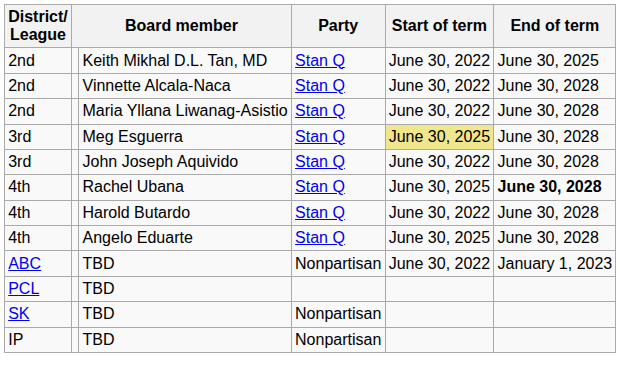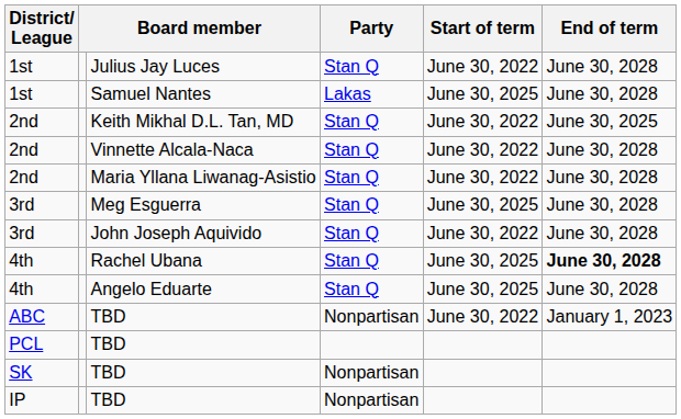 <table class="wikitable">
 <tr>
 <th>District/<br>League</th>
 <th colspan="2">Board member</th>
 <th>Party</th>
 <th>Start of term</th>
 <th>End of term</th>
+</tr>
+<tr>
+<td>1st</td>
+<td></td>
+<td>Julius Jay Luces</td>
+<td><a href='#'>Stan Q</a></td>
+<td>June 30, 2022</td>
+<td>June 30, 2028</td>
+</tr>
+<tr>
+<td>1st</td>
+<td></td>
+<td>Samuel Nantes</td>
+<td><a href='#'>Lakas</a></td>
+<td>June 30, 2025</td>
+<td>June 30, 2028</td>
 </tr>
 <tr>
 <td>2nd</td>
 <td></td>
 <td>Keith Mikhal D.L. Tan, MD</td>
 <td><a href='#'>Stan Q</a></td>
 <td>June 30, 2022</td>
 <td>June 30, 2025</td>
 </tr>
 <tr>
 <td>2nd</td>
 <td></td>
 <td>Vinnette Alcala-Naca</td>
 <td><a href='#'>Stan Q</a></td>
 <td>June 30, 2022</td>
 <td>June 30, 2028</td>
 </tr>
 <tr>
 <td>2nd</td>
 <td></td>
 <td>Maria Yllana Liwanag-Asistio</td>
 <td><a href='#'>Stan Q</a></td>
 <td>June 30, 2022</td>
 <td>June 30, 2028</td>
 </tr>
 <tr>
 <td>3rd</td>
 <td></td>
 <td>Meg Esguerra</td>
 <td><a href='#'>Stan Q</a></td>
-<td style="background: khaki;">June 30, 2025</td>
+<td>June 30, 2025</td>
 <td>June 30, 2028</td>
 </tr>
 <tr>
 <td>3rd</td>
 <td></td>
 <td>John Joseph Aquivido</td>
 <td><a href='#'>Stan Q</a></td>
 <td>June 30, 2022</td>
 <td>June 30, 2028</td>
 </tr>
 <tr>
 <td>4th</td>
 <td></td>
 <td>Rachel Ubana</td>
 <td><a href='#'>Stan Q</a></td>
 <td>June 30, 2025</td>
 <td><strong>June 30, 2028</strong></td>
-</tr>
-<tr>
-<td>4th</td>
-<td></td>
-<td>Harold Butardo</td>
-<td><a href='#'>Stan Q</a></td>
-<td>June 30, 2022</td>
-<td>June 30, 2028</td>
 </tr>
 <tr>
 <td>4th</td>
 <td></td>
 <td>Angelo Eduarte</td>
 <td><a href='#'>Stan Q</a></td>
 <td>June 30, 2025</td>
 <td>June 30, 2028</td>
 </tr>
 <tr>
 <td><a href='#'>ABC</a></td>
 <td></td>
 <td>TBD</td>
 <td>Nonpartisan</td>
 <td>June 30, 2022</td>
 <td>January 1, 2023</td>
 </tr>
 <tr>
 <td><a href='#'>PCL</a></td>
 <td></td>
 <td>TBD</td>
 <td></td>
 <td></td>
 <td></td>
 </tr>
 <tr>
 <td><a href='#'>SK</a></td>
 <td></td>
 <td>TBD</td>
 <td>Nonpartisan</td>
 <td></td>
 <td></td>
 </tr>
 <tr>
 <td>IP</td>
 <td></td>
 <td>TBD</td>
 <td>Nonpartisan</td>
 <td></td>
 <td></td>
 </tr>
 </table>
